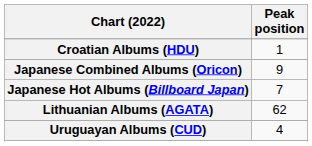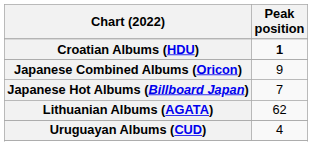 <table class="wikitable sortable plainrowheaders" style="text-align:center">
 <tr>
 <th scope="col">Chart (2022)</th>
 <th scope="col">Peak<br>position</th>
 </tr>
 <tr>
 </tr>
 <tr>
 </tr>
 <tr>
 </tr>
 <tr>
 </tr>
 <tr>
 </tr>
 <tr>
 <th scope="row">Croatian Albums (<a href='#'>HDU</a>)</th>
-<td>1</td>
+<td><strong>1</strong></td>
 </tr>
 <tr>
 </tr>
 <tr>
 </tr>
 <tr>
 </tr>
 <tr>
 </tr>
 <tr>
 </tr>
 <tr>
 </tr>
 <tr>
 </tr>
 <tr>
 </tr>
 <tr>
 </tr>
 <tr>
 </tr>
 <tr>
 <th scope="row">Japanese Combined Albums (<a href='#'>Oricon</a>)</th>
 <td>9</td>
 </tr>
 <tr>
 <th scope="row">Japanese Hot Albums (<em><a href='#'>Billboard Japan</a></em>)</th>
 <td>7</td>
 </tr>
 <tr>
 <th scope="row">Lithuanian Albums (<a href='#'>AGATA</a>)</th>
 <td>62</td>
 </tr>
 <tr>
 </tr>
 <tr>
 </tr>
 <tr>
 </tr>
 <tr>
 </tr>
 <tr>
 </tr>
 <tr>
 </tr>
 <tr>
 </tr>
 <tr>
 </tr>
 <tr>
 </tr>
 <tr>
 <th scope="row">Uruguayan Albums (<a href='#'>CUD</a>)</th>
 <td>4</td>
 </tr>
 <tr>
 </tr>
 <tr>
 </tr>
 <tr>
 </tr>
 </table>
